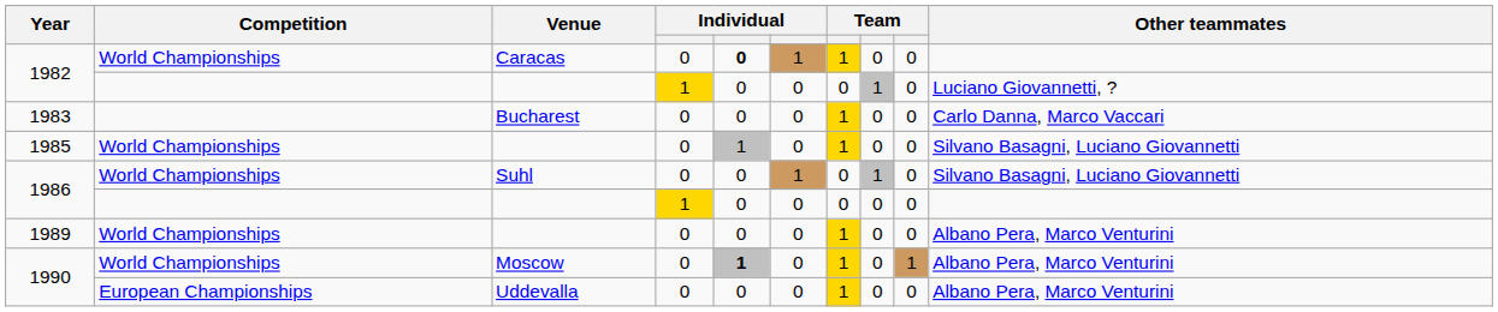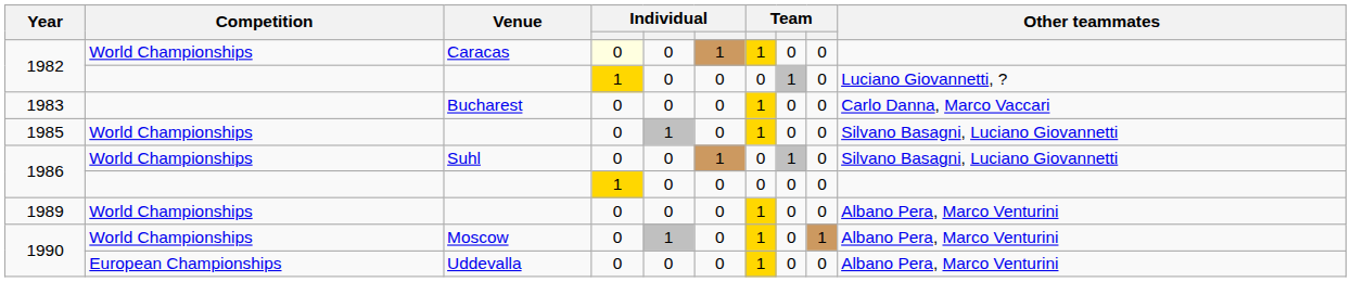 <table class="wikitable" width=73% style="font-size:90%; text-align:center;">
 <tr>
 <th rowspan=2>Year</th>
 <th rowspan=2>Competition</th>
 <th rowspan=2>Venue</th>
 <th colspan=3>Individual</th>
 <th colspan=3>Team</th>
 <th rowspan=2 colspan=3>Other teammates</th>
 </tr>
 <tr>
 <th></th>
 <th></th>
 <th></th>
 <th></th>
 <th></th>
 <th></th>
 </tr>
 <tr>
 <td rowspan=2>1982</td>
 <td align=left><a href='#'>World Championships</a></td>
 <td align=left> <a href='#'>Caracas</a></td>
+<td style="background: lightyellow;">0</td>
 <td>0</td>
-<td><strong>0</strong></td>
 <td bgcolor=ccc9966>1</td>
 <td bgcolor=gold>1</td>
 <td>0</td>
 <td>0</td>
 <td align=left></td>
 </tr>
 <tr>
 <td align=left></td>
 <td align=left></td>
 <td bgcolor=gold>1</td>
 <td>0</td>
 <td>0</td>
 <td>0</td>
 <td bgcolor=silver>1</td>
 <td>0</td>
 <td align=left><a href='#'>Luciano Giovannetti</a>, ?</td>
 </tr>
 <tr>
 <td>1983</td>
 <td align=left></td>
 <td align=left> <a href='#'>Bucharest</a></td>
 <td>0</td>
 <td>0</td>
 <td>0</td>
 <td bgcolor=gold>1</td>
 <td>0</td>
 <td>0</td>
 <td align=left><a href='#'>Carlo Danna</a>, <a href='#'>Marco Vaccari</a></td>
 </tr>
 <tr>
 <td>1985</td>
 <td align=left><a href='#'>World Championships</a></td>
 <td align=left></td>
 <td>0</td>
 <td bgcolor=silver>1</td>
 <td>0</td>
 <td bgcolor=gold>1</td>
 <td>0</td>
 <td>0</td>
 <td align=left><a href='#'>Silvano Basagni</a>, <a href='#'>Luciano Giovannetti</a></td>
 </tr>
 <tr>
 <td rowspan=2>1986</td>
 <td align=left><a href='#'>World Championships</a></td>
 <td align=left> <a href='#'>Suhl</a></td>
 <td>0</td>
 <td>0</td>
 <td bgcolor=ccc9966>1</td>
 <td>0</td>
 <td bgcolor=silver>1</td>
 <td>0</td>
 <td align=left><a href='#'>Silvano Basagni</a>, <a href='#'>Luciano Giovannetti</a></td>
 </tr>
 <tr>
 <td align=left></td>
 <td align=left></td>
 <td bgcolor=gold>1</td>
 <td>0</td>
 <td>0</td>
 <td>0</td>
 <td>0</td>
 <td>0</td>
 <td align=left></td>
 </tr>
 <tr>
 <td>1989</td>
 <td align=left><a href='#'>World Championships</a></td>
 <td align=left></td>
 <td>0</td>
 <td>0</td>
 <td>0</td>
 <td bgcolor=gold>1</td>
 <td>0</td>
 <td>0</td>
 <td align=left><a href='#'>Albano Pera</a>, <a href='#'>Marco Venturini</a></td>
 </tr>
 <tr>
 <td rowspan=2>1990</td>
 <td align=left><a href='#'>World Championships</a></td>
 <td align=left> <a href='#'>Moscow</a></td>
 <td>0</td>
-<td bgcolor=silver><strong>1</strong></td>
+<td bgcolor=silver>1</td>
 <td>0</td>
 <td bgcolor=gold>1</td>
 <td>0</td>
 <td bgcolor=ccc9966>1</td>
 <td align=left><a href='#'>Albano Pera</a>, <a href='#'>Marco Venturini</a></td>
 </tr>
 <tr>
 <td align=left><a href='#'>European Championships</a></td>
 <td align=left> <a href='#'>Uddevalla</a></td>
 <td>0</td>
 <td>0</td>
 <td>0</td>
 <td bgcolor=gold>1</td>
 <td>0</td>
 <td>0</td>
 <td align=left><a href='#'>Albano Pera</a>, <a href='#'>Marco Venturini</a></td>
 </tr>
 </table>
